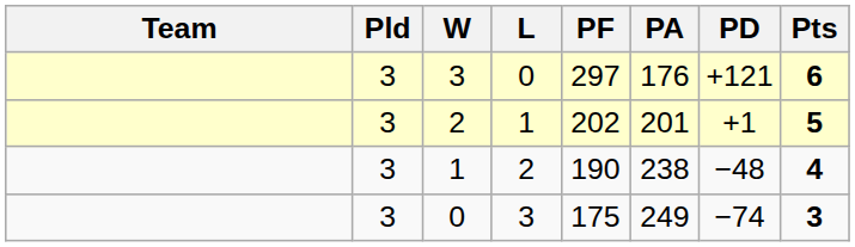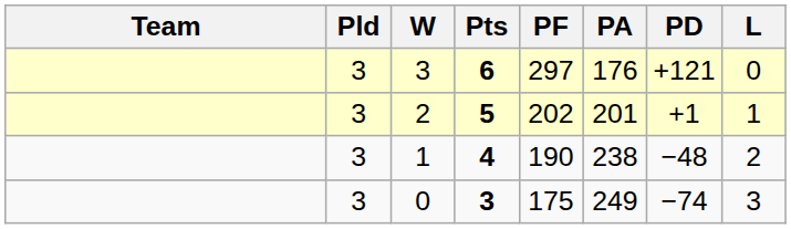 <table class=wikitable style="text-align:center">
 <tr>
 <th width=180>Team</th>
 <th width=30>Pld</th>
 <th width=30>W</th>
-<th width=30>L</th>
+<th width=30>Pts</th>
 <th width=30>PF</th>
 <th width=30>PA</th>
 <th width=30>PD</th>
-<th width=30>Pts</th>
+<th width=30>L</th>
 </tr>
 <tr bgcolor="#ffffcc">
 <td align="left"></td>
 <td>3</td>
 <td>3</td>
-<td>0</td>
+<td><strong>6</strong></td>
 <td>297</td>
 <td>176</td>
 <td>+121</td>
-<td><strong>6</strong></td>
+<td>0</td>
 </tr>
 <tr bgcolor="#ffffcc">
 <td align="left"></td>
 <td>3</td>
 <td>2</td>
-<td>1</td>
+<td><strong>5</strong></td>
 <td>202</td>
 <td>201</td>
 <td>+1</td>
-<td><strong>5</strong></td>
+<td>1</td>
 </tr>
 <tr>
 <td align="left"></td>
 <td>3</td>
 <td>1</td>
-<td>2</td>
+<td><strong>4</strong></td>
 <td>190</td>
 <td>238</td>
 <td>−48</td>
-<td><strong>4</strong></td>
+<td>2</td>
 </tr>
 <tr>
 <td align="left"></td>
 <td>3</td>
 <td>0</td>
-<td>3</td>
+<td><strong>3</strong></td>
 <td>175</td>
 <td>249</td>
 <td>−74</td>
-<td><strong>3</strong></td>
+<td>3</td>
 </tr>
 </table>
